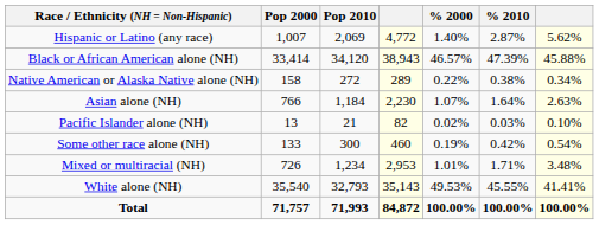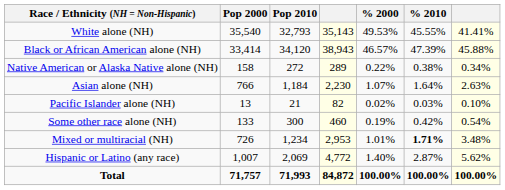 <table class="wikitable" style="text-align:center;">
 <tr>
 <th>Race / Ethnicity <small>(<em>NH = Non-Hispanic</em>)</small></th>
 <th>Pop 2000</th>
 <th>Pop 2010</th>
 <th></th>
 <th>% 2000</th>
 <th>% 2010</th>
 <th></th>
 </tr>
 <tr>
-<td><a href='#'>Hispanic or Latino</a> (any race)</td>
-<td>1,007</td>
-<td>2,069</td>
-<td style='background: #ffffe6;'>4,772</td>
-<td>1.40%</td>
-<td>2.87%</td>
-<td style='background: #ffffe6;'>5.62%</td>
+<td><a href='#'>White</a> alone (NH)</td>
+<td>35,540</td>
+<td>32,793</td>
+<td style='background: #ffffe6;'>35,143</td>
+<td>49.53%</td>
+<td>45.55%</td>
+<td style='background: #ffffe6;'>41.41%</td>
 </tr>
 <tr>
 <td><a href='#'>Black or African American</a> alone (NH)</td>
 <td>33,414</td>
 <td>34,120</td>
 <td style='background: #ffffe6;'>38,943</td>
 <td>46.57%</td>
 <td>47.39%</td>
 <td style='background: #ffffe6;'>45.88%</td>
 </tr>
 <tr>
 <td><a href='#'>Native American</a> or <a href='#'>Alaska Native</a> alone (NH)</td>
 <td>158</td>
 <td>272</td>
 <td style='background: #ffffe6;'>289</td>
 <td>0.22%</td>
 <td>0.38%</td>
 <td style='background: #ffffe6;'>0.34%</td>
 </tr>
 <tr>
 <td><a href='#'>Asian</a> alone (NH)</td>
 <td>766</td>
 <td>1,184</td>
 <td style='background: #ffffe6;'>2,230</td>
 <td>1.07%</td>
 <td>1.64%</td>
 <td style='background: #ffffe6;'>2.63%</td>
 </tr>
 <tr>
 <td><a href='#'>Pacific Islander</a> alone (NH)</td>
 <td>13</td>
 <td>21</td>
 <td style='background: #ffffe6;'>82</td>
 <td>0.02%</td>
 <td>0.03%</td>
 <td style='background: #ffffe6;'>0.10%</td>
 </tr>
 <tr>
 <td><a href='#'>Some other race</a> alone (NH)</td>
 <td>133</td>
 <td>300</td>
 <td style='background: #ffffe6;'>460</td>
 <td>0.19%</td>
 <td>0.42%</td>
 <td style='background: #ffffe6;'>0.54%</td>
 </tr>
 <tr>
 <td><a href='#'>Mixed or multiracial</a> (NH)</td>
 <td>726</td>
 <td>1,234</td>
 <td style='background: #ffffe6;'>2,953</td>
 <td>1.01%</td>
-<td>1.71%</td>
+<td><strong>1.71%</strong></td>
 <td style='background: #ffffe6;'>3.48%</td>
 </tr>
 <tr>
-<td><a href='#'>White</a> alone (NH)</td>
-<td>35,540</td>
-<td>32,793</td>
-<td style='background: #ffffe6;'>35,143</td>
-<td>49.53%</td>
-<td>45.55%</td>
-<td style='background: #ffffe6;'>41.41%</td>
+<td><a href='#'>Hispanic or Latino</a> (any race)</td>
+<td>1,007</td>
+<td>2,069</td>
+<td style='background: #ffffe6;'>4,772</td>
+<td>1.40%</td>
+<td>2.87%</td>
+<td style='background: #ffffe6;'>5.62%</td>
 </tr>
 <tr>
 <td><strong>Total</strong></td>
 <td><strong>71,757</strong></td>
 <td><strong>71,993</strong></td>
 <td style='background: #ffffe6;'><strong>84,872</strong></td>
 <td><strong>100.00%</strong></td>
 <td><strong>100.00%</strong></td>
 <td style='background: #ffffe6;'><strong>100.00%</strong></td>
 </tr>
 </table>
